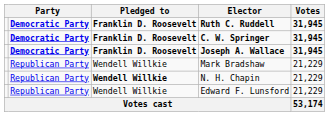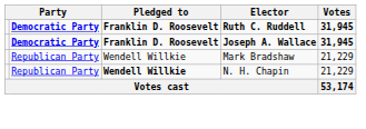 <table class="wikitable">
 <tr>
 <th colspan=2>Party</th>
 <th>Pledged to</th>
 <th>Elector</th>
 <th>Votes</th>
 </tr>
 <tr style="font-weight:bold">
 <td></td>
 <td><a href='#'>Democratic Party</a></td>
 <td>Franklin D. Roosevelt</td>
 <td>Ruth C. Ruddell</td>
-<td align="right">31,945</td>
-</tr>
-<tr style="font-weight:bold">
-<td></td>
-<td><a href='#'>Democratic Party</a></td>
-<td>Franklin D. Roosevelt</td>
-<td>C. W. Springer</td>
 <td align="right">31,945</td>
 </tr>
 <tr style="font-weight:bold">
 <td></td>
 <td><a href='#'>Democratic Party</a></td>
 <td>Franklin D. Roosevelt</td>
 <td>Joseph A. Wallace</td>
 <td align="right">31,945</td>
 </tr>
 <tr>
 <td></td>
 <td><a href='#'>Republican Party</a></td>
 <td>Wendell Willkie</td>
 <td>Mark Bradshaw</td>
 <td align="right">21,229</td>
 </tr>
 <tr>
 <td></td>
 <td><a href='#'>Republican Party</a></td>
 <td><strong>Wendell Willkie</strong></td>
 <td>N. H. Chapin</td>
 <td align="right">21,229</td>
 </tr>
 <tr>
-<td></td>
-<td><a href='#'>Republican Party</a></td>
-<td>Wendell Willkie</td>
-<td>Edward F. Lunsford</td>
-<td align="right">21,229</td>
-</tr>
-<tr>
 <th colspan="4">Votes cast</th>
 <th>53,174</th>
 </tr>
 </table>
